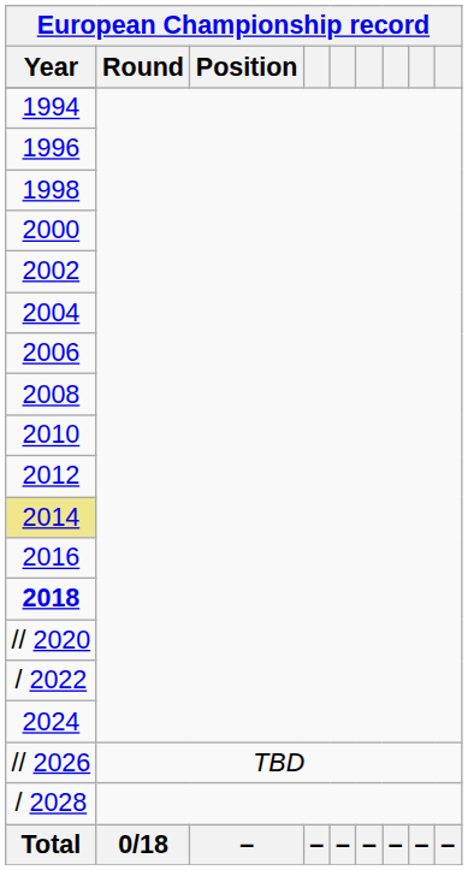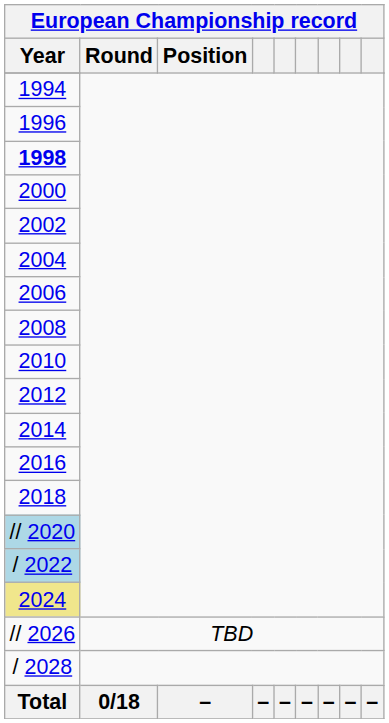 <table class="wikitable" style="text-align: center;">
 <tr>
 <th colspan=9><a href='#'>European Championship record</a></th>
 </tr>
 <tr>
 <th>Year</th>
 <th>Round</th>
 <th>Position</th>
 <th></th>
 <th></th>
 <th></th>
 <th></th>
 <th></th>
 <th></th>
 </tr>
 <tr>
 </tr>
 <tr>
 <td> <a href='#'>1994</a></td>
 </tr>
 <tr>
 <td> <a href='#'>1996</a></td>
 </tr>
 <tr>
-<td> <a href='#'>1998</a></td>
+<td><strong> <a href='#'>1998</a></strong></td>
 </tr>
 <tr>
 <td> <a href='#'>2000</a></td>
 </tr>
 <tr>
 <td> <a href='#'>2002</a></td>
 </tr>
 <tr>
 <td> <a href='#'>2004</a></td>
 </tr>
 <tr>
 <td> <a href='#'>2006</a></td>
 </tr>
 <tr>
 <td> <a href='#'>2008</a></td>
 </tr>
 <tr>
 <td> <a href='#'>2010</a></td>
 </tr>
 <tr>
 <td> <a href='#'>2012</a></td>
 </tr>
 <tr>
-<td style="background: khaki;"> <a href='#'>2014</a></td>
+<td> <a href='#'>2014</a></td>
 </tr>
 <tr>
 <td> <a href='#'>2016</a></td>
 </tr>
 <tr>
-<td><strong> <a href='#'>2018</a></strong></td>
+<td> <a href='#'>2018</a></td>
 </tr>
 <tr>
-<td>// <a href='#'>2020</a></td>
+<td style="background: lightblue;">// <a href='#'>2020</a></td>
 </tr>
 <tr>
-<td>/ <a href='#'>2022</a></td>
+<td style="background: lightblue;">/ <a href='#'>2022</a></td>
 </tr>
 <tr>
-<td> <a href='#'>2024</a></td>
+<td style="background: khaki;"> <a href='#'>2024</a></td>
 </tr>
 <tr>
 <td>// <a href='#'>2026</a></td>
 <td colspan=9 rowanpan=2><em>TBD</td>
 </tr>
 <tr>
 <td>/ <a href='#'>2028</a></td>
 </tr>
 <tr>
 <th>Total</th>
 <th>0/18</th>
 <th>–</th>
 <th>–</th>
 <th>–</th>
 <th>–</th>
 <th>–</th>
 <th>–</th>
 <th>–</th>
 </tr>
 </table>
